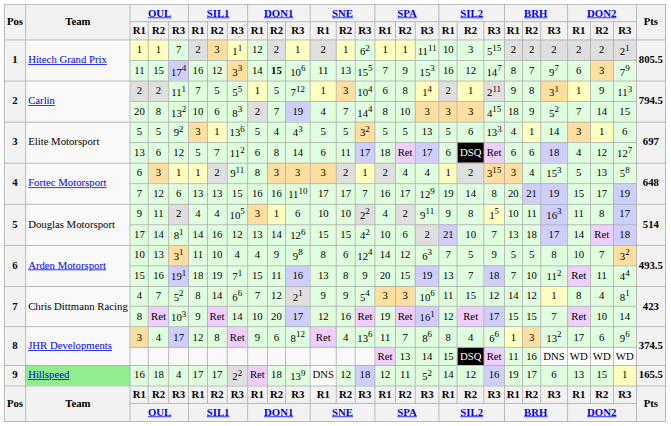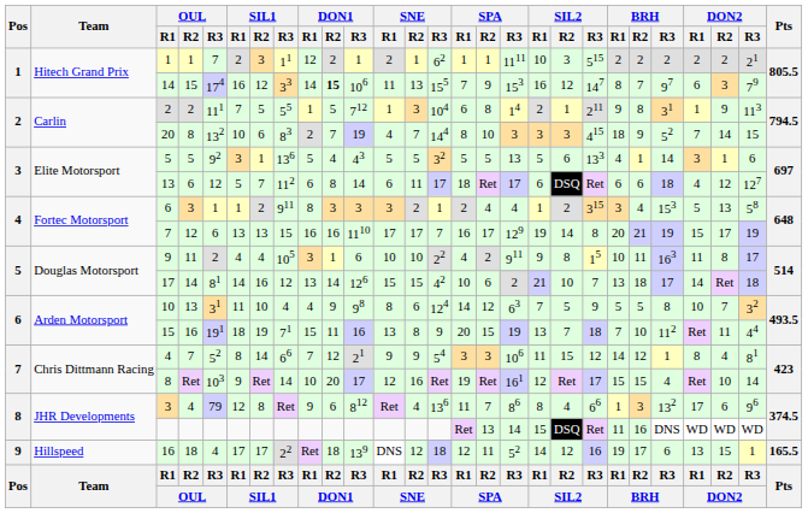 <table class="wikitable" style="font-size: 85%; text-align: center;">
 <tr>
 <th rowspan="2" valign="middle">Pos</th>
 <th rowspan="2" valign="middle">Team</th>
 <th colspan="3"><a href='#'>OUL</a></th>
 <th colspan="3"><a href='#'>SIL1</a></th>
 <th colspan="3"><a href='#'>DON1</a></th>
 <th colspan="3"><a href='#'>SNE</a></th>
 <th colspan="3"><a href='#'>SPA</a></th>
 <th colspan="3"><a href='#'>SIL2</a></th>
 <th colspan="3"><a href='#'>BRH</a></th>
 <th colspan="3"><a href='#'>DON2</a></th>
 <th rowspan="2" valign="middle">Pts</th>
 </tr>
 <tr>
 <th>R1</th>
 <th>R2</th>
 <th>R3</th>
 <th>R1</th>
 <th>R2</th>
 <th>R3</th>
 <th>R1</th>
 <th>R2</th>
 <th>R3</th>
 <th>R1</th>
 <th>R2</th>
 <th>R3</th>
 <th>R1</th>
 <th>R2</th>
 <th>R3</th>
 <th>R1</th>
 <th>R2</th>
 <th>R3</th>
 <th>R1</th>
 <th>R2</th>
 <th>R3</th>
 <th>R1</th>
 <th>R2</th>
 <th>R3</th>
 </tr>
 <tr>
 <th rowspan="2">1</th>
 <td rowspan="2" align="left"><a href='#'>Hitech Grand Prix</a></td>
 <td bgcolor="#ffffbf">1</td>
 <td bgcolor="#ffffbf">1</td>
 <td bgcolor="#dfffdf">7</td>
 <td bgcolor="#dfdfdf">2</td>
 <td bgcolor="#ffdf9f">3</td>
 <td bgcolor="#ffffbf">1<sup>1</sup></td>
 <td bgcolor="#dfffdf">12</td>
 <td bgcolor="#dfdfdf">2</td>
 <td bgcolor="#ffffbf">1</td>
 <td bgcolor="#dfdfdf">2</td>
 <td bgcolor="#ffffbf">1</td>
 <td bgcolor="#dfffdf">6<sup>2</sup></td>
 <td bgcolor="#ffffbf">1</td>
 <td bgcolor="#ffffbf">1</td>
 <td bgcolor="#dfffdf">11<sup>11</sup></td>
 <td bgcolor="#dfffdf">10</td>
 <td bgcolor="#dfffdf">3</td>
 <td bgcolor="#dfffdf">5<sup>15</sup></td>
 <td bgcolor="#dfdfdf">2</td>
 <td bgcolor="#dfdfdf">2</td>
 <td bgcolor="#dfdfdf">2</td>
 <td bgcolor="#dfdfdf">2</td>
 <td bgcolor="#dfdfdf">2</td>
 <td bgcolor="#dfdfdf">2<sup>1</sup></td>
 <th rowspan="2">805.5</th>
 </tr>
 <tr>
-<td bgcolor="#dfffdf">11</td>
+<td bgcolor="#dfffdf">14</td>
 <td bgcolor="#dfffdf">15</td>
 <td bgcolor="#cfcfff">17<sup>4</sup></td>
 <td bgcolor="#dfffdf">16</td>
 <td bgcolor="#dfffdf">12</td>
 <td bgcolor="#ffdf9f">3<sup>3</sup></td>
 <td bgcolor="#dfffdf">14</td>
 <td bgcolor="#dfffdf"><strong>15</strong></td>
 <td bgcolor="#dfffdf">10<sup>6</sup></td>
 <td bgcolor="#dfffdf">11</td>
 <td bgcolor="#dfffdf">13</td>
 <td bgcolor="#dfffdf">15<sup>5</sup></td>
 <td bgcolor="#dfffdf">7</td>
 <td bgcolor="#dfffdf">9</td>
 <td bgcolor="#dfffdf">15<sup>3</sup></td>
 <td bgcolor="#dfffdf">16</td>
 <td bgcolor="#dfffdf">12</td>
 <td bgcolor="#dfffdf">14<sup>7</sup></td>
 <td bgcolor="#dfffdf">8</td>
 <td bgcolor="#dfffdf">7</td>
 <td bgcolor="#dfffdf">9<sup>7</sup></td>
 <td bgcolor="#dfffdf">6</td>
 <td bgcolor="#ffdf9f">3</td>
 <td bgcolor="#dfffdf">7<sup>9</sup></td>
 </tr>
 <tr>
 <th rowspan="2">2</th>
 <td rowspan="2" align="left"><a href='#'>Carlin</a></td>
 <td bgcolor="#dfdfdf">2</td>
 <td bgcolor="#dfdfdf">2</td>
 <td bgcolor="#dfffdf">11<sup>1</sup></td>
 <td bgcolor="#dfffdf">7</td>
 <td bgcolor="#dfffdf">5</td>
 <td bgcolor="#dfffdf">5<sup>5</sup></td>
 <td bgcolor="#ffffbf">1</td>
 <td bgcolor="#dfffdf">5</td>
 <td bgcolor="#dfffdf">7<sup>12</sup></td>
 <td bgcolor="#ffffbf">1</td>
 <td bgcolor="#ffdf9f">3</td>
 <td bgcolor="#dfffdf">10<sup>4</sup></td>
 <td bgcolor="#dfffdf">6</td>
 <td bgcolor="#dfffdf">8</td>
 <td bgcolor="#ffffbf">1<sup>4</sup></td>
 <td bgcolor="#dfdfdf">2</td>
 <td bgcolor="#ffffbf">1</td>
 <td bgcolor="#dfdfdf">2<sup>11</sup></td>
 <td bgcolor="#dfffdf">9</td>
 <td bgcolor="#dfffdf">8</td>
 <td bgcolor="#ffdf9f">3<sup>1</sup></td>
 <td bgcolor="#ffffbf">1</td>
 <td bgcolor="#dfffdf">9</td>
 <td bgcolor="#dfffdf">11<sup>3</sup></td>
 <th rowspan="2">794.5</th>
 </tr>
 <tr>
 <td bgcolor="#dfffdf">20</td>
 <td bgcolor="#dfffdf">8</td>
 <td bgcolor="#dfffdf">13<sup>2</sup></td>
 <td bgcolor="#dfffdf">10</td>
 <td bgcolor="#dfffdf">6</td>
 <td bgcolor="#dfffdf">8<sup>3</sup></td>
 <td bgcolor="#dfdfdf">2</td>
 <td bgcolor="#dfffdf">7</td>
 <td bgcolor="#cfcfff">19</td>
 <td bgcolor="#dfffdf">4</td>
 <td bgcolor="#dfffdf">7</td>
 <td bgcolor="#dfffdf">14<sup>4</sup></td>
 <td bgcolor="#dfffdf">8</td>
 <td bgcolor="#dfffdf">10</td>
 <td bgcolor="#ffdf9f">3</td>
 <td bgcolor="#ffdf9f">3</td>
 <td bgcolor="#ffdf9f">3</td>
 <td bgcolor="#dfffdf">4<sup>15</sup></td>
 <td bgcolor="#dfffdf">18</td>
 <td bgcolor="#dfffdf">9</td>
 <td bgcolor="#dfffdf">5<sup>2</sup></td>
 <td bgcolor="#dfffdf">7</td>
 <td bgcolor="#dfffdf">14</td>
 <td bgcolor="#dfffdf">15</td>
 </tr>
 <tr>
 <th rowspan="2">3</th>
 <td rowspan="2"  align="left">Elite Motorsport</td>
 <td bgcolor="#dfffdf">5</td>
 <td bgcolor="#dfffdf">5</td>
 <td bgcolor="#dfffdf">9<sup>2</sup></td>
 <td bgcolor="#ffdf9f">3</td>
 <td bgcolor="#ffffbf">1</td>
 <td bgcolor="#dfffdf">13<sup>6</sup></td>
 <td bgcolor="#dfffdf">5</td>
 <td bgcolor="#dfffdf">4</td>
 <td bgcolor="#dfffdf">4<sup>3</sup></td>
 <td bgcolor="#dfffdf">5</td>
 <td bgcolor="#dfffdf">5</td>
 <td bgcolor="#ffdf9f">3<sup>2</sup></td>
 <td bgcolor="#dfffdf">5</td>
 <td bgcolor="#dfffdf">5</td>
 <td bgcolor="#dfffdf">13</td>
 <td bgcolor="#dfffdf">5</td>
 <td bgcolor="#dfffdf">6</td>
 <td bgcolor="#dfffdf">13<sup>3</sup></td>
 <td bgcolor="#dfffdf">4</td>
 <td bgcolor="#ffffbf">1</td>
 <td bgcolor="#dfffdf">14</td>
 <td bgcolor="#ffdf9f">3</td>
 <td bgcolor="#ffffbf">1</td>
 <td bgcolor="#dfffdf">6</td>
 <th rowspan="2">697</th>
 </tr>
 <tr>
 <td bgcolor="#dfffdf">13</td>
 <td bgcolor="#dfffdf">6</td>
 <td bgcolor="#dfffdf">12</td>
 <td bgcolor="#dfffdf">5</td>
 <td bgcolor="#dfffdf">7</td>
 <td bgcolor="#dfffdf">11<sup>2</sup></td>
 <td bgcolor="#dfffdf">6</td>
 <td bgcolor="#dfffdf">8</td>
 <td bgcolor="#dfffdf">14</td>
 <td bgcolor="#dfffdf">6</td>
 <td bgcolor="#dfffdf">11</td>
 <td bgcolor="#cfcfff">17</td>
 <td bgcolor="#dfffdf">18</td>
 <td bgcolor="#efcfff">Ret</td>
 <td bgcolor="#cfcfff">17</td>
 <td bgcolor="#dfffdf">6</td>
 <td style="background-color:#000000;color:white">DSQ</td>
 <td bgcolor="#efcfff">Ret</td>
 <td bgcolor="#dfffdf">6</td>
 <td bgcolor="#dfffdf">6</td>
 <td bgcolor="#cfcfff">18</td>
 <td bgcolor="#dfffdf">4</td>
 <td bgcolor="#dfffdf">12</td>
 <td bgcolor="#dfffdf">12<sup>7</sup></td>
 </tr>
 <tr>
 <th rowspan="2">4</th>
 <td rowspan="2"  align="left"><a href='#'>Fortec Motorsport</a></td>
 <td bgcolor="#dfffdf">6</td>
 <td bgcolor="#ffdf9f">3</td>
 <td bgcolor="#ffffbf">1</td>
 <td bgcolor="#ffffbf">1</td>
 <td bgcolor="#dfdfdf">2</td>
 <td bgcolor="#dfffdf">9<sup>11</sup></td>
 <td bgcolor="#dfffdf">8</td>
 <td bgcolor="#ffdf9f">3</td>
 <td bgcolor="#ffdf9f">3</td>
 <td bgcolor="#ffdf9f">3</td>
 <td bgcolor="#dfdfdf">2</td>
 <td bgcolor="#ffffbf">1</td>
 <td bgcolor="#dfdfdf">2</td>
 <td bgcolor="#dfffdf">4</td>
 <td bgcolor="#dfffdf">4</td>
 <td bgcolor="#ffffbf">1</td>
 <td bgcolor="#dfdfdf">2</td>
 <td bgcolor="#ffdf9f">3<sup>15</sup></td>
 <td bgcolor="#ffdf9f">3</td>
 <td bgcolor="#dfffdf">4</td>
 <td bgcolor="#dfffdf">15<sup>3</sup></td>
 <td bgcolor="#dfffdf">5</td>
 <td bgcolor="#dfffdf">13</td>
 <td bgcolor="#dfffdf">5<sup>8</sup></td>
 <th rowspan="2">648</th>
 </tr>
 <tr>
 <td bgcolor="#dfffdf">7</td>
 <td bgcolor="#dfffdf">12</td>
 <td bgcolor="#dfffdf">6</td>
 <td bgcolor="#dfffdf">13</td>
 <td bgcolor="#dfffdf">13</td>
 <td bgcolor="#dfffdf">15</td>
 <td bgcolor="#dfffdf">16</td>
 <td bgcolor="#dfffdf">16</td>
 <td bgcolor="#dfffdf">11<sup>10</sup></td>
 <td bgcolor="#dfffdf">17</td>
 <td bgcolor="#dfffdf">17</td>
 <td bgcolor="#dfffdf">7</td>
 <td bgcolor="#dfffdf">16</td>
 <td bgcolor="#dfffdf">17</td>
 <td bgcolor="#dfffdf">12<sup>9</sup></td>
 <td bgcolor="#dfffdf">19</td>
 <td bgcolor="#dfffdf">14</td>
 <td bgcolor="#dfffdf">8</td>
 <td bgcolor="#dfffdf">20</td>
 <td bgcolor="#cfcfff">21</td>
 <td bgcolor="#cfcfff">19</td>
 <td bgcolor="#dfffdf">15</td>
 <td bgcolor="#dfffdf">17</td>
 <td bgcolor="#cfcfff">19</td>
 </tr>
 <tr>
 <th rowspan="2">5</th>
 <td rowspan="2" align="left">Douglas Motorsport</td>
 <td bgcolor="#dfffdf">9</td>
 <td bgcolor="#dfffdf">11</td>
 <td bgcolor="#dfdfdf">2</td>
 <td bgcolor="#dfffdf">4</td>
 <td bgcolor="#dfffdf">4</td>
 <td bgcolor="#dfffdf">10<sup>5</sup></td>
 <td bgcolor="#ffdf9f">3</td>
 <td bgcolor="#ffffbf">1</td>
 <td bgcolor="#dfffdf">6</td>
 <td bgcolor="#dfffdf">10</td>
 <td bgcolor="#dfffdf">10</td>
 <td bgcolor="#dfdfdf">2<sup>2</sup></td>
 <td bgcolor="#dfffdf">4</td>
 <td bgcolor="#dfdfdf">2</td>
 <td bgcolor="#dfffdf">9<sup>11</sup></td>
 <td bgcolor="#dfffdf">9</td>
 <td bgcolor="#dfffdf">8</td>
 <td bgcolor="#ffffbf">1<sup>5</sup></td>
 <td bgcolor="#dfffdf">10</td>
 <td bgcolor="#dfffdf">11</td>
 <td bgcolor="#cfcfff">16<sup>3</sup></td>
 <td bgcolor="#dfffdf">11</td>
 <td bgcolor="#dfffdf">8</td>
 <td bgcolor="#cfcfff">17</td>
 <th rowspan="2">514</th>
 </tr>
 <tr>
 <td bgcolor="#dfffdf">17</td>
 <td bgcolor="#dfffdf">14</td>
 <td bgcolor="#dfffdf">8<sup>1</sup></td>
 <td bgcolor="#dfffdf">14</td>
 <td bgcolor="#dfffdf">16</td>
 <td bgcolor="#dfffdf">12</td>
 <td bgcolor="#dfffdf">13</td>
 <td bgcolor="#dfffdf">14</td>
 <td bgcolor="#dfffdf">12<sup>6</sup></td>
 <td bgcolor="#dfffdf">15</td>
 <td bgcolor="#dfffdf">15</td>
 <td bgcolor="#dfffdf">4<sup>2</sup></td>
 <td bgcolor="#dfffdf">10</td>
 <td bgcolor="#dfffdf">6</td>
 <td bgcolor="#dfdfdf">2</td>
 <td bgcolor="#cfcfff">21</td>
 <td bgcolor="#dfffdf">10</td>
 <td bgcolor="#dfffdf">7</td>
 <td bgcolor="#dfffdf">13</td>
 <td bgcolor="#dfffdf">18</td>
 <td bgcolor="#cfcfff">17</td>
 <td bgcolor="#dfffdf">14</td>
 <td bgcolor="#efcfff">Ret</td>
 <td bgcolor="#cfcfff">18</td>
 </tr>
 <tr>
 <th rowspan="2">6</th>
 <td rowspan="2"  align="left"><a href='#'>Arden Motorsport</a></td>
 <td bgcolor="#dfffdf">10</td>
 <td bgcolor="#dfffdf">13</td>
 <td bgcolor="#ffdf9f">3<sup>1</sup></td>
 <td bgcolor="#dfffdf">11</td>
 <td bgcolor="#dfffdf">10</td>
 <td bgcolor="#dfffdf">4</td>
 <td bgcolor="#dfffdf">4</td>
 <td bgcolor="#dfffdf">9</td>
 <td bgcolor="#dfffdf">9<sup>8</sup></td>
 <td bgcolor="#dfffdf">8</td>
 <td bgcolor="#dfffdf">6</td>
 <td bgcolor="#dfffdf">12<sup>4</sup></td>
 <td bgcolor="#dfffdf">14</td>
 <td bgcolor="#dfffdf">12</td>
 <td bgcolor="#dfffdf">6<sup>3</sup></td>
 <td bgcolor="#dfffdf">7</td>
 <td bgcolor="#dfffdf">5</td>
 <td bgcolor="#dfffdf">9</td>
 <td bgcolor="#dfffdf">5</td>
 <td bgcolor="#dfffdf">5</td>
 <td bgcolor="#dfffdf">8</td>
 <td bgcolor="#dfffdf">10</td>
 <td bgcolor="#dfffdf">7</td>
 <td bgcolor="#ffdf9f">3<sup>2</sup></td>
 <th rowspan="2">493.5</th>
 </tr>
 <tr>
 <td bgcolor="#dfffdf">15</td>
 <td bgcolor="#dfffdf">16</td>
 <td bgcolor="#cfcfff">19<sup>1</sup></td>
 <td bgcolor="#dfffdf">18</td>
 <td bgcolor="#dfffdf">19</td>
 <td bgcolor="#dfffdf">7<sup>1</sup></td>
 <td bgcolor="#dfffdf">15</td>
 <td bgcolor="#dfffdf">11</td>
 <td bgcolor="#cfcfff">16</td>
 <td bgcolor="#dfffdf">13</td>
 <td bgcolor="#dfffdf">8</td>
 <td bgcolor="#dfffdf">9</td>
 <td bgcolor="#dfffdf">20</td>
 <td bgcolor="#dfffdf">15</td>
 <td bgcolor="#cfcfff">19</td>
 <td bgcolor="#dfffdf">13</td>
 <td bgcolor="#dfffdf">7</td>
 <td bgcolor="#cfcfff">18</td>
 <td bgcolor="#dfffdf">7</td>
 <td bgcolor="#dfffdf">10</td>
 <td bgcolor="#dfffdf">11<sup>2</sup></td>
 <td bgcolor="#efcfff">Ret</td>
 <td bgcolor="#dfffdf">11</td>
 <td bgcolor="#dfffdf">4<sup>4</sup></td>
 </tr>
 <tr>
 <th rowspan="2">7</th>
 <td rowspan="2"  align="left">Chris Dittmann Racing</td>
 <td bgcolor="#dfffdf">4</td>
 <td bgcolor="#dfffdf">7</td>
 <td bgcolor="#dfffdf">5<sup>2</sup></td>
 <td bgcolor="#dfffdf">8</td>
 <td bgcolor="#dfffdf">14</td>
 <td bgcolor="#dfffdf">6<sup>6</sup></td>
 <td bgcolor="#dfffdf">7</td>
 <td bgcolor="#dfffdf">12</td>
 <td bgcolor="#dfdfdf">2<sup>1</sup></td>
 <td bgcolor="#dfffdf">9</td>
 <td bgcolor="#dfffdf">9</td>
 <td bgcolor="#dfffdf">5<sup>4</sup></td>
 <td bgcolor="#ffdf9f">3</td>
 <td bgcolor="#ffdf9f">3</td>
 <td bgcolor="#dfffdf">10<sup>6</sup></td>
 <td bgcolor="#dfffdf">11</td>
 <td bgcolor="#dfffdf">15</td>
 <td bgcolor="#dfffdf">12</td>
 <td bgcolor="#dfffdf">14</td>
 <td bgcolor="#dfffdf">12</td>
 <td bgcolor="#ffffbf">1</td>
 <td bgcolor="#dfffdf">8</td>
 <td bgcolor="#dfffdf">4</td>
 <td bgcolor="#dfffdf">8<sup>1</sup></td>
 <th rowspan="2">423</th>
 </tr>
 <tr>
 <td bgcolor="#dfffdf">8</td>
 <td bgcolor="#efcfff">Ret</td>
 <td bgcolor="#dfffdf">10<sup>3</sup></td>
 <td bgcolor="#dfffdf">9</td>
 <td bgcolor="#efcfff">Ret</td>
 <td bgcolor="#dfffdf">14</td>
 <td bgcolor="#dfffdf">10</td>
 <td bgcolor="#dfffdf">20</td>
 <td bgcolor="#cfcfff">17</td>
 <td bgcolor="#dfffdf">12</td>
 <td bgcolor="#dfffdf">16</td>
 <td bgcolor="#efcfff">Ret</td>
 <td bgcolor="#dfffdf">19</td>
 <td bgcolor="#efcfff">Ret</td>
 <td bgcolor="#cfcfff">16<sup>1</sup></td>
 <td bgcolor="#dfffdf">12</td>
 <td bgcolor="#efcfff">Ret</td>
 <td bgcolor="#cfcfff">17</td>
 <td bgcolor="#dfffdf">15</td>
 <td bgcolor="#dfffdf">15</td>
-<td bgcolor="#dfffdf">7</td>
+<td bgcolor="#dfffdf">4</td>
 <td bgcolor="#efcfff">Ret</td>
 <td bgcolor="#dfffdf">10</td>
 <td bgcolor="#dfffdf">14</td>
 </tr>
 <tr>
 <th rowspan="2">8</th>
 <td rowspan="2" align="left"><a href='#'>JHR Developments</a></td>
 <td bgcolor="#ffdf9f">3</td>
 <td bgcolor="#dfffdf">4</td>
-<td bgcolor="#cfcfff">17</td>
+<td bgcolor="#cfcfff">79</td>
 <td bgcolor="#dfffdf">12</td>
 <td bgcolor="#dfffdf">8</td>
 <td bgcolor="#efcfff">Ret</td>
 <td bgcolor="#dfffdf">9</td>
 <td bgcolor="#dfffdf">6</td>
 <td bgcolor="#dfffdf">8<sup>12</sup></td>
 <td bgcolor="#efcfff">Ret</td>
 <td bgcolor="#dfffdf">4</td>
 <td bgcolor="#dfffdf">13<sup>6</sup></td>
 <td bgcolor="#dfffdf">11</td>
 <td bgcolor="#dfffdf">7</td>
 <td bgcolor="#dfffdf">8<sup>6</sup></td>
 <td bgcolor="#dfffdf">8</td>
 <td bgcolor="#dfffdf">4</td>
 <td bgcolor="#dfffdf">6<sup>6</sup></td>
 <td bgcolor="#ffffbf">1</td>
 <td bgcolor="#ffdf9f">3</td>
 <td bgcolor="#dfffdf">13<sup>2</sup></td>
 <td bgcolor="#dfffdf">17</td>
 <td bgcolor="#dfffdf">6</td>
 <td bgcolor="#dfffdf">9<sup>6</sup></td>
 <th rowspan="2">374.5</th>
 </tr>
 <tr>
 <td></td>
 <td></td>
 <td></td>
 <td></td>
 <td></td>
 <td></td>
 <td></td>
 <td></td>
 <td></td>
 <td></td>
 <td></td>
 <td></td>
 <td bgcolor="#efcfff">Ret</td>
 <td bgcolor="#dfffdf">13</td>
 <td bgcolor="#dfffdf">14</td>
 <td bgcolor="#dfffdf">15</td>
 <td style="background-color:#000000;color:white">DSQ</td>
 <td bgcolor="#efcfff">Ret</td>
 <td bgcolor="#dfffdf">11</td>
 <td bgcolor="#dfffdf">16</td>
 <td bgcolor="#ffffff">DNS</td>
 <td bgcolor="#ffffff">WD</td>
 <td bgcolor="#ffffff">WD</td>
 <td bgcolor="#ffffff">WD</td>
 </tr>
 <tr>
 <th>9</th>
-<td align="left" style="background: lightgreen;"><a href='#'>Hillspeed</a></td>
+<td align="left"><a href='#'>Hillspeed</a></td>
 <td bgcolor="#dfffdf">16</td>
 <td bgcolor="#dfffdf">18</td>
 <td bgcolor="#dfffdf">4</td>
 <td bgcolor="#dfffdf">17</td>
 <td bgcolor="#dfffdf">17</td>
 <td bgcolor="#dfdfdf">2<sup>2</sup></td>
 <td bgcolor="#efcfff">Ret</td>
 <td bgcolor="#dfffdf">18</td>
 <td bgcolor="#dfffdf">13<sup>9</sup></td>
 <td bgcolor="#ffffff">DNS</td>
 <td bgcolor="#dfffdf">12</td>
 <td bgcolor="#cfcfff">18</td>
 <td bgcolor="#dfffdf">12</td>
 <td bgcolor="#dfffdf">11</td>
 <td bgcolor="#dfffdf">5<sup>2</sup></td>
 <td bgcolor="#dfffdf">14</td>
 <td bgcolor="#dfffdf">12</td>
 <td bgcolor="#cfcfff">16</td>
 <td bgcolor="#dfffdf">19</td>
 <td bgcolor="#dfffdf">17</td>
 <td bgcolor="#dfffdf">6</td>
 <td bgcolor="#dfffdf">13</td>
 <td bgcolor="#dfffdf">15</td>
 <td bgcolor="#ffffbf">1</td>
 <th>165.5</th>
 </tr>
 <tr>
 <th rowspan="2">Pos</th>
 <th rowspan="2">Team</th>
 <th>R1</th>
 <th>R2</th>
 <th>R3</th>
 <th>R1</th>
 <th>R2</th>
 <th>R3</th>
 <th>R1</th>
 <th>R2</th>
 <th>R3</th>
 <th>R1</th>
 <th>R2</th>
 <th>R3</th>
 <th>R1</th>
 <th>R2</th>
 <th>R3</th>
 <th>R1</th>
 <th>R2</th>
 <th>R3</th>
 <th>R1</th>
 <th>R2</th>
 <th>R3</th>
 <th>R1</th>
 <th>R2</th>
 <th>R3</th>
 <th rowspan="2">Pts</th>
 </tr>
 <tr>
 <th colspan="3"><a href='#'>OUL</a></th>
 <th colspan="3"><a href='#'>SIL1</a></th>
 <th colspan="3"><a href='#'>DON1</a></th>
 <th colspan="3"><a href='#'>SNE</a></th>
 <th colspan="3"><a href='#'>SPA</a></th>
 <th colspan="3"><a href='#'>SIL2</a></th>
 <th colspan="3"><a href='#'>BRH</a></th>
 <th colspan="3"><a href='#'>DON2</a></th>
 </tr>
 </table>
